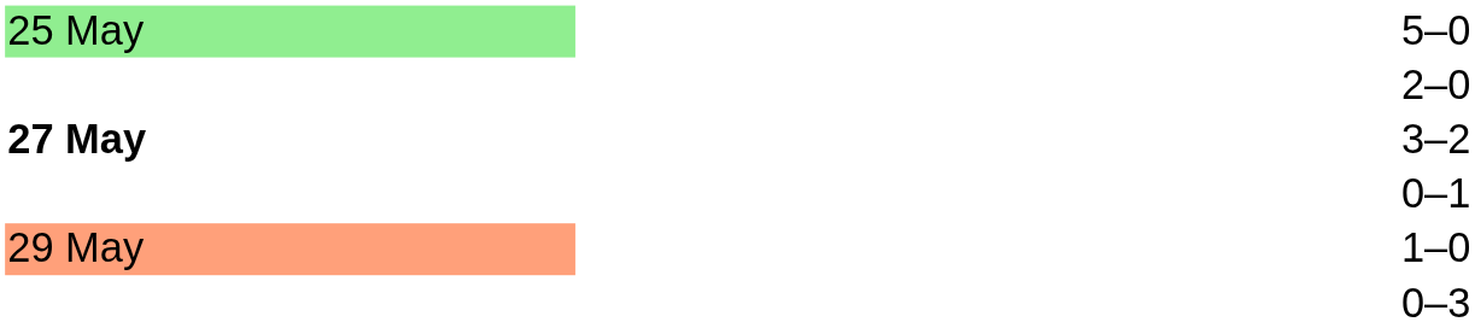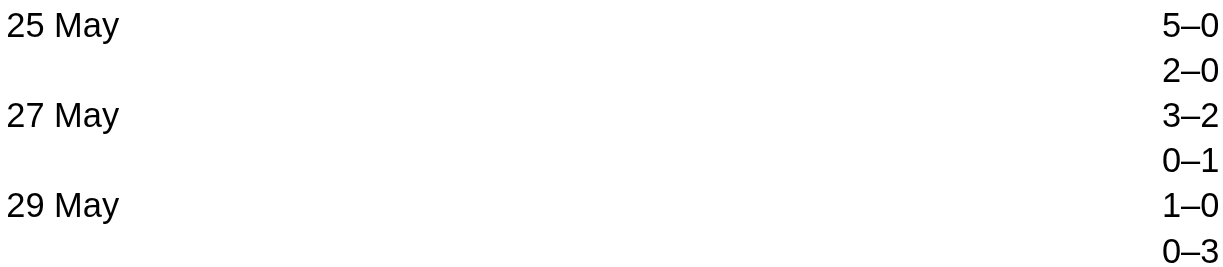 <table cellspacing=1 width=70%>
 <tr>
 <th width=25%></th>
 <th width=30%></th>
 <th width=15%></th>
 <th width=30%></th>
 </tr>
 <tr>
-<td style="background: lightgreen;">25 May</td>
+<td>25 May</td>
 <td align=right></td>
 <td align=center>5–0</td>
 <td></td>
 </tr>
 <tr>
 <td></td>
 <td align=right></td>
 <td align=center>2–0</td>
 <td></td>
 </tr>
 <tr>
-<td><strong>27 May</strong></td>
+<td>27 May</td>
 <td align=right></td>
 <td align=center>3–2</td>
 <td></td>
 </tr>
 <tr>
 <td></td>
 <td align=right></td>
 <td align=center>0–1</td>
 <td></td>
 </tr>
 <tr>
-<td style="background: lightsalmon;">29 May</td>
+<td>29 May</td>
 <td align=right></td>
 <td align=center>1–0</td>
 <td></td>
 </tr>
 <tr>
 <td></td>
 <td align=right></td>
 <td align=center>0–3</td>
 <td></td>
 </tr>
 </table>
